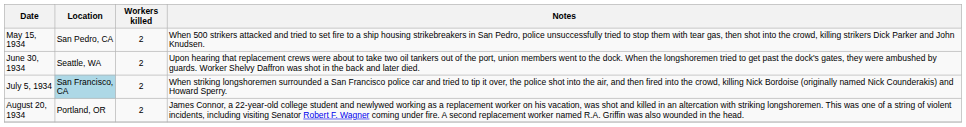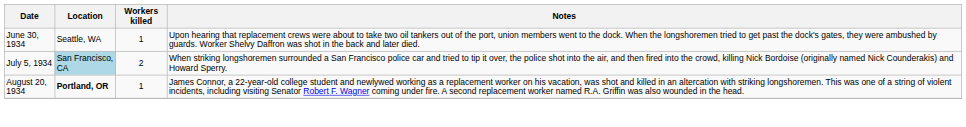 <table class="wikitable sortable" style="text-align:left; font-size:87%; border:1; cellpadding:5; cellspacing:0;">
 <tr>
 <th scope="col">Date</th>
 <th scope="col">Location</th>
 <th scope="col" style="text-align: center;">Workers killed</th>
 <th scope="col" class="unsortable">Notes</th>
 </tr>
 <tr --->
-<td>May 15, 1934</td>
-<td>San Pedro, CA</td>
-<td style="text-align: center;">2</td>
-<td>When 500 strikers attacked and tried to set fire to a ship housing strikebreakers in San Pedro, police unsuccessfully tried to stop them with tear gas, then shot into the crowd, killing strikers Dick Parker and John Knudsen.</td>
-</tr>
-<tr --->
 <td>June 30, 1934</td>
 <td>Seattle, WA</td>
-<td style="text-align: center;">2</td>
+<td style="text-align: center;">1</td>
 <td>Upon hearing that replacement crews were about to take two oil tankers out of the port, union members went to the dock. When the longshoremen tried to get past the dock's gates, they were ambushed by guards. Worker Shelvy Daffron was shot in the back and later died.</td>
 </tr>
 <tr --->
 <td>July 5, 1934</td>
 <td style="background: lightblue;">San Francisco, CA</td>
 <td style="text-align: center;">2</td>
 <td>When striking longshoremen surrounded a San Francisco police car and tried to tip it over, the police shot into the air, and then fired into the crowd, killing Nick Bordoise (originally named Nick Counderakis) and Howard Sperry.</td>
 </tr>
 <tr --->
 <td>August 20, 1934</td>
-<td>Portland, OR</td>
-<td style="text-align: center;">2</td>
+<td><strong>Portland, OR</strong></td>
+<td style="text-align: center;">1</td>
 <td>James Connor, a 22-year-old college student and newlywed working as a replacement worker on his vacation, was shot and killed in an altercation with striking longshoremen. This was one of a string of violent incidents, including visiting Senator <a href='#'>Robert F. Wagner</a> coming under fire.  A second replacement worker named R.A. Griffin was also wounded in the head.</td>
 </tr>
 <tr --->
 </tr>
 </table>
